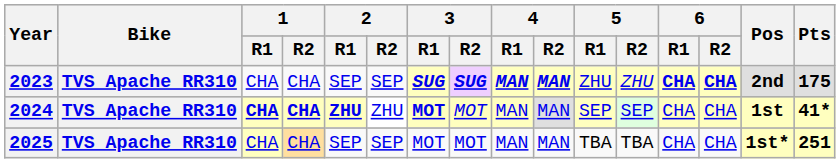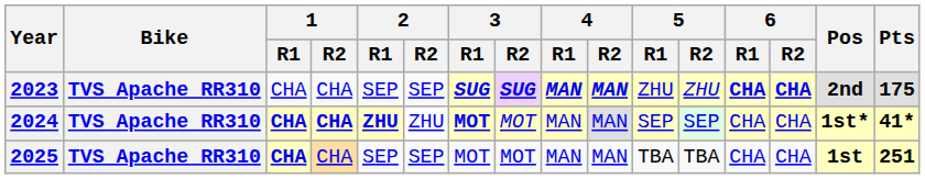 <table class="wikitable" style="text-align:center; font-size:90%">
 <tr>
 <th valign="middle" rowspan=2>Year</th>
 <th valign="middle" rowspan=2>Bike</th>
 <th colspan=2>1</th>
 <th colspan=2>2</th>
 <th colspan=2>3</th>
 <th colspan=2>4</th>
 <th colspan=2>5</th>
 <th colspan=2>6</th>
 <th rowspan=2>Pos</th>
 <th rowspan=2>Pts</th>
 </tr>
 <tr>
 <th>R1</th>
 <th>R2</th>
 <th>R1</th>
 <th>R2</th>
 <th>R1</th>
 <th>R2</th>
 <th>R1</th>
 <th>R2</th>
 <th>R1</th>
 <th>R2</th>
 <th>R1</th>
 <th>R2</th>
 </tr>
 <tr>
 <th><a href='#'>2023</a></th>
 <th><a href='#'>TVS Apache RR310</a></th>
 <td style="background:#;"><a href='#'>CHA</a><br></td>
 <td style="background:#;"><a href='#'>CHA</a><br></td>
 <td style="background:#;"><a href='#'>SEP</a><br></td>
 <td style="background:#;"><a href='#'>SEP</a><br></td>
 <td style="background:#ffffbf;"><strong><em><a href='#'>SUG</a></em></strong><br></td>
 <td style="background:#efcfff;"><strong><em><a href='#'>SUG</a></em></strong><br></td>
 <td style="background:#ffffbf;"><strong><em><a href='#'>MAN</a></em></strong><br></td>
 <td style="background:#ffffbf;"><strong><em><a href='#'>MAN</a></em></strong><br></td>
 <td style="background:#ffffbf;"><a href='#'>ZHU</a><br></td>
 <td style="background:#ffffbf;"><em><a href='#'>ZHU</a></em><br></td>
 <td style="background:#ffffbf;"><strong><a href='#'>CHA</a></strong><br></td>
 <td style="background:#ffffbf;"><strong><a href='#'>CHA</a></strong><br></td>
 <th style="background:#dfdfdf;">2nd</th>
 <th style="background:#dfdfdf;">175</th>
 </tr>
 <tr>
 <th><a href='#'>2024</a></th>
 <th><a href='#'>TVS Apache RR310</a></th>
 <td style="background:#ffffbf;"><strong><a href='#'>CHA</a></strong><br></td>
 <td style="background:#ffffbf;"><strong><a href='#'>CHA</a></strong><br></td>
 <td style="background:#ffffbf;"><strong><a href='#'>ZHU</a></strong><br></td>
 <td style="background:#ffffff;"><a href='#'>ZHU</a><br></td>
 <td style="background:#ffffbf;"><strong><a href='#'>MOT</a><br></strong></td>
 <td style="background:#ffffbf;"><em><a href='#'>MOT</a></em><br></td>
 <td style="background:#ffffbf;"><a href='#'>MAN</a><br></td>
 <td style="background:#dfdfdf;"><a href='#'>MAN</a><br></td>
 <td style="background:#ffffbf;"><a href='#'>SEP</a><br></td>
 <td style="background:#dfffdf;"><a href='#'>SEP</a><br></td>
 <td style="background:#ffffbf;"><a href='#'>CHA</a><br></td>
 <td style="background:#ffffbf;"><a href='#'>CHA</a><br></td>
-<th style="background:#ffffbf;">1st</th>
+<th style="background:#ffffbf;">1st*</th>
 <th style="background:#ffffbf;">41*</th>
 </tr>
 <tr>
 <th><a href='#'>2025</a></th>
 <th><a href='#'>TVS Apache RR310</a></th>
-<td style="background:#FFFFBF;"><a href='#'>CHA</a><br></td>
+<td style="background:#FFFFBF;"><strong><a href='#'>CHA</a><br></strong></td>
 <td style="background:#FFDF9F;"><a href='#'>CHA</a><br></td>
 <td style="background:#;"><a href='#'>SEP</a><br></td>
 <td style="background:#;"><a href='#'>SEP</a><br></td>
 <td style="background:#;"><a href='#'>MOT</a><br></td>
 <td style="background:#;"><a href='#'>MOT</a><br></td>
 <td style="background:#;"><a href='#'>MAN</a><br></td>
 <td style="background:#;"><a href='#'>MAN</a><br></td>
 <td style="background:#;">TBA<br></td>
 <td style="background:#;">TBA<br></td>
 <td style="background:#;"><a href='#'>CHA</a><br></td>
 <td style="background:#;"><a href='#'>CHA</a><br></td>
-<th style="background:#ffffbf;">1st*</th>
+<th style="background:#ffffbf;">1st</th>
 <th style="background:#ffffbf;">251</th>
 </tr>
 </table>
